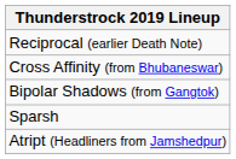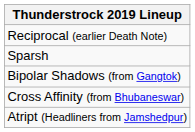 <table class="wikitable">
 <tr>
 <th>Thunderstrock 2019 Lineup</th>
 </tr>
 <tr>
 <td>Reciprocal <small>(earlier Death Note)</small></td>
 </tr>
 <tr>
-<td>Cross Affinity <small>(from <a href='#'>Bhubaneswar</a>)</small></td>
+<td>Sparsh</td>
 </tr>
 <tr>
 <td>Bipolar Shadows <small>(from <a href='#'>Gangtok</a>)</small></td>
 </tr>
 <tr>
-<td>Sparsh</td>
+<td>Cross Affinity <small>(from <a href='#'>Bhubaneswar</a>)</small></td>
 </tr>
 <tr>
 <td>Atript <small>(Headliners from <a href='#'>Jamshedpur</a>)</small></td>
 </tr>
 </table>
